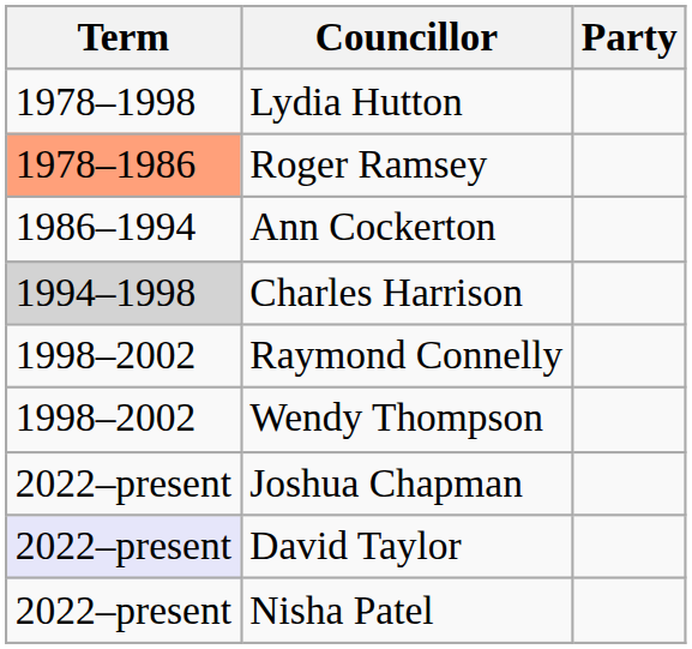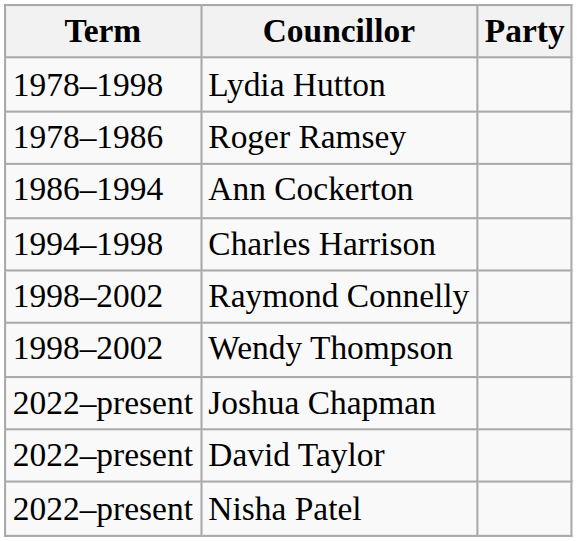 <table class="wikitable">
 <tr>
 <th>Term</th>
 <th>Councillor</th>
 <th colspan=2>Party</th>
 </tr>
 <tr>
 <td>1978–1998</td>
 <td>Lydia Hutton</td>
 <td></td>
 </tr>
 <tr>
-<td style="background: lightsalmon;">1978–1986</td>
+<td>1978–1986</td>
 <td>Roger Ramsey</td>
 <td></td>
 </tr>
 <tr>
 <td>1986–1994</td>
 <td>Ann Cockerton</td>
 <td></td>
 </tr>
 <tr>
-<td style="background: lightgrey;">1994–1998</td>
+<td>1994–1998</td>
 <td>Charles Harrison</td>
 <td></td>
 </tr>
 <tr>
 <td>1998–2002</td>
 <td>Raymond Connelly</td>
 <td></td>
 </tr>
 <tr>
 <td>1998–2002</td>
 <td>Wendy Thompson</td>
 <td></td>
 </tr>
 <tr>
 <td>2022–present</td>
 <td>Joshua Chapman</td>
 <td></td>
 </tr>
 <tr>
-<td style="background: lavender;">2022–present</td>
+<td>2022–present</td>
 <td>David Taylor</td>
 <td></td>
 </tr>
 <tr>
 <td>2022–present</td>
 <td>Nisha Patel</td>
 <td></td>
 </tr>
 </table>
